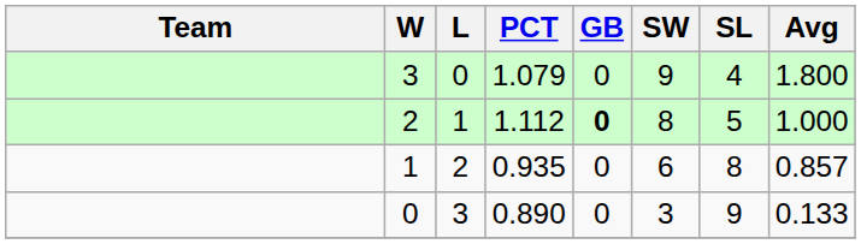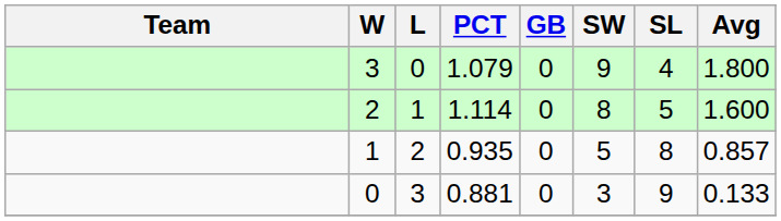 <table class=wikitable style="text-align:center;">
 <tr>
 <th width=200px>Team</th>
 <th width=20px>W</th>
 <th width=20px>L</th>
 <th width=35px><a href='#'>PCT</a></th>
 <th width=25px><a href='#'>GB</a></th>
 <th width=30px>SW</th>
 <th width=30px>SL</th>
 <th width=35px>Avg</th>
 </tr>
 <tr style="background:#CCFFCC;">
 <td align=left></td>
 <td>3</td>
 <td>0</td>
 <td>1.079</td>
 <td>0</td>
 <td>9</td>
 <td>4</td>
 <td>1.800</td>
 </tr>
 <tr style="background:#CCFFCC;">
 <td align=left></td>
 <td>2</td>
 <td>1</td>
-<td>1.112</td>
-<td><strong>0</strong></td>
+<td>1.114</td>
+<td>0</td>
 <td>8</td>
 <td>5</td>
-<td>1.000</td>
+<td>1.600</td>
 </tr>
 <tr>
 <td align=left></td>
 <td>1</td>
 <td>2</td>
 <td>0.935</td>
 <td>0</td>
-<td>6</td>
+<td>5</td>
 <td>8</td>
 <td>0.857</td>
 </tr>
 <tr>
 <td align=left></td>
 <td>0</td>
 <td>3</td>
-<td>0.890</td>
+<td>0.881</td>
 <td>0</td>
 <td>3</td>
 <td>9</td>
 <td>0.133</td>
 </tr>
 <tr>
 </tr>
 </table>
